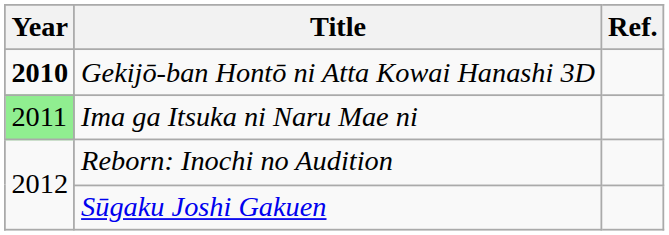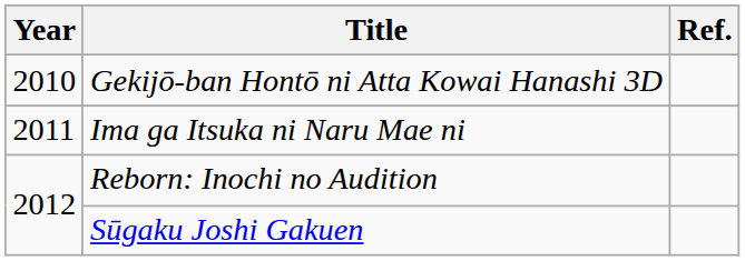 <table class="wikitable">
 <tr>
 <th>Year</th>
 <th>Title</th>
 <th>Ref.</th>
 </tr>
 <tr>
-<td><strong>2010</strong></td>
+<td>2010</td>
 <td><em>Gekijō-ban Hontō ni Atta Kowai Hanashi 3D</em></td>
 <td></td>
 </tr>
 <tr>
-<td style="background: lightgreen;">2011</td>
+<td>2011</td>
 <td><em>Ima ga Itsuka ni Naru Mae ni</em></td>
 <td></td>
 </tr>
 <tr>
 <td rowspan="2">2012</td>
 <td><em>Reborn: Inochi no Audition</em></td>
 <td></td>
 </tr>
 <tr>
 <td><em><a href='#'>Sūgaku Joshi Gakuen</a></em></td>
 <td></td>
 </tr>
 </table>
